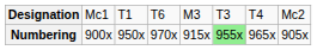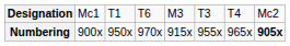 <table class="wikitable">
 <tr>
 <th>Designation</th>
 <td>Mc1</td>
 <td>T1</td>
 <td>T6</td>
 <td>M3</td>
 <td>T3</td>
 <td>T4</td>
 <td>Mc2</td>
 </tr>
 <tr>
 <th>Numbering</th>
 <td>900x</td>
 <td>950x</td>
 <td>970x</td>
 <td>915x</td>
-<td style="background: lightgreen;">955x</td>
+<td>955x</td>
 <td>965x</td>
-<td>905x</td>
+<td><strong>905x</strong></td>
 </tr>
 </table>
